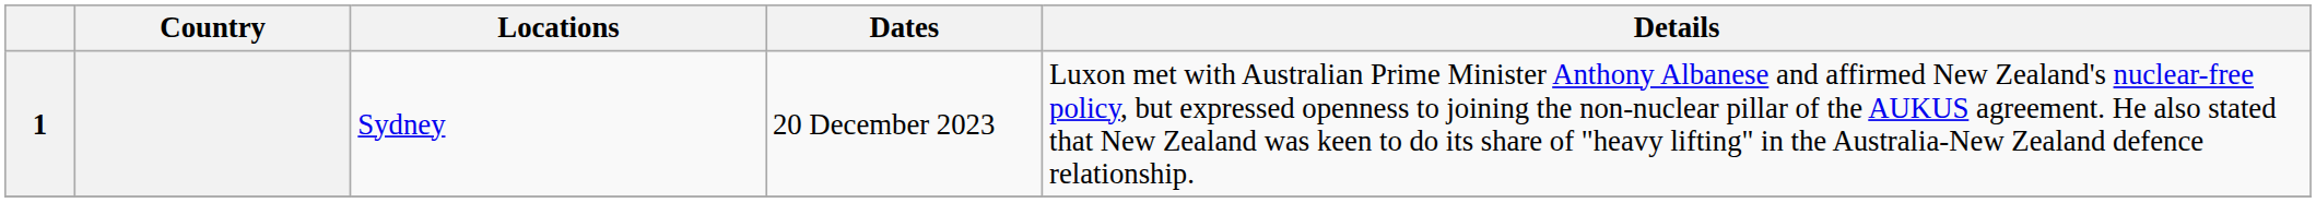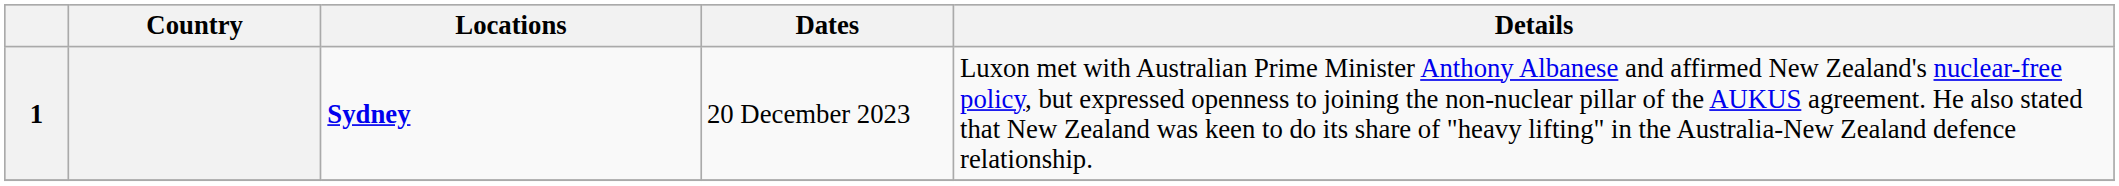 <table class="wikitable sortable" border="1" style="margin: 1em auto 1em auto">
 <tr>
 <th scope="col" style="width: 3%;"></th>
 <th scope="col" style="width: 12%;">Country</th>
 <th scope="col" style="width: 18%;">Locations</th>
 <th scope="col" style="width: 12%;">Dates</th>
 <th scope="col" style="width: 58%;" class="unsortable">Details</th>
 </tr>
 <tr>
 <th scope="row">1</th>
 <th scope="row"></th>
-<td><a href='#'>Sydney</a></td>
+<td><strong><a href='#'>Sydney</a></strong></td>
 <td>20 December 2023</td>
 <td>Luxon met with Australian Prime Minister <a href='#'>Anthony Albanese</a> and affirmed New Zealand's <a href='#'>nuclear-free policy</a>, but expressed openness to joining the non-nuclear pillar of the <a href='#'>AUKUS</a> agreement. He also stated that New Zealand was keen to do its share of "heavy lifting" in the Australia-New Zealand defence relationship.</td>
 </tr>
 <tr>
 </tr>
 </table>
